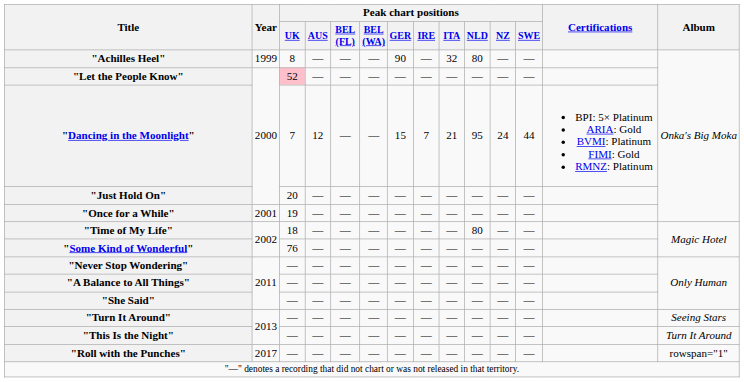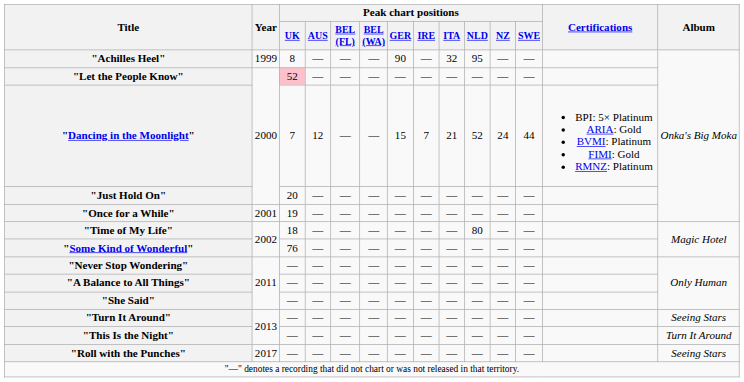 <table class="wikitable plainrowheaders" style="text-align:center;" border="1">
 <tr>
 <th scope="col" rowspan="2" style="width:22em;">Title</th>
 <th scope="col" rowspan="2">Year</th>
 <th scope="col" colspan="10">Peak chart positions</th>
 <th scope="col" rowspan="2" style="width:10em;"><a href='#'>Certifications</a></th>
 <th scope="col" rowspan="2">Album</th>
 </tr>
 <tr>
 <th scope="col" style="width:2.1em;font-size:90%;"><a href='#'>UK</a><br></th>
 <th scope="col" style="width:2.1em;font-size:90%;"><a href='#'>AUS</a><br></th>
 <th scope="col" style="width:2.5em;font-size:90%;"><a href='#'>BEL<br>(FL)</a><br></th>
 <th scope="col" style="width:2.1em;font-size:90%;"><a href='#'>BEL<br>(WA)</a><br></th>
 <th scope="col" style="width:2.1em;font-size:90%;"><a href='#'>GER</a><br></th>
 <th scope="col" style="width:2.1em;font-size:90%;"><a href='#'>IRE</a><br></th>
 <th scope="col" style="width:2.1em;font-size:90%;"><a href='#'>ITA</a><br></th>
 <th scope="col" style="width:2.1em;font-size:90%;"><a href='#'>NLD</a><br></th>
 <th scope="col" style="width:2.1em;font-size:90%;"><a href='#'>NZ</a><br></th>
 <th scope="col" style="width:2.1em;font-size:90%;"><a href='#'>SWE</a><br></th>
 </tr>
 <tr>
 <th scope="row">"Achilles Heel"</th>
 <td rowspan=1>1999</td>
 <td>8</td>
 <td>—</td>
 <td>—</td>
 <td>—</td>
 <td>90</td>
 <td>—</td>
 <td>32</td>
-<td>80</td>
+<td>95</td>
 <td>—</td>
 <td>—</td>
 <td></td>
 <td rowspan="5"><em>Onka's Big Moka</em></td>
 </tr>
 <tr>
 <th scope="row">"Let the People Know"</th>
 <td rowspan=3>2000</td>
 <td style="background: pink;">52</td>
 <td>—</td>
 <td>—</td>
 <td>—</td>
 <td>—</td>
 <td>—</td>
 <td>—</td>
 <td>—</td>
 <td>—</td>
 <td>—</td>
 <td></td>
 </tr>
 <tr>
 <th scope="row">"<a href='#'>Dancing in the Moonlight</a>"</th>
 <td>7</td>
 <td>12</td>
 <td>—</td>
 <td>—</td>
 <td>15</td>
 <td>7</td>
 <td>21</td>
-<td>95</td>
+<td>52</td>
 <td>24</td>
 <td>44</td>
 <td><br><ul><li>BPI: 5× Platinum</li><li><a href='#'>ARIA</a>: Gold</li><li><a href='#'>BVMI</a>: Platinum</li><li><a href='#'>FIMI</a>: Gold</li><li><a href='#'>RMNZ</a>: Platinum</li></ul></td>
 </tr>
 <tr>
 <th scope="row">"Just Hold On"</th>
 <td>20</td>
 <td>—</td>
 <td>—</td>
 <td>—</td>
 <td>—</td>
 <td>—</td>
 <td>—</td>
 <td>—</td>
 <td>—</td>
 <td>—</td>
 <td></td>
 </tr>
 <tr>
 <th scope="row">"Once for a While"</th>
 <td rowspan=1>2001</td>
 <td>19</td>
 <td>—</td>
 <td>—</td>
 <td>—</td>
 <td>—</td>
 <td>—</td>
 <td>—</td>
 <td>—</td>
 <td>—</td>
 <td>—</td>
 <td></td>
 </tr>
 <tr>
 <th scope="row">"Time of My Life"</th>
 <td rowspan=2>2002</td>
 <td>18</td>
 <td>—</td>
 <td>—</td>
 <td>—</td>
 <td>—</td>
 <td>—</td>
 <td>—</td>
 <td>80</td>
 <td>—</td>
 <td>—</td>
 <td></td>
 <td rowspan="2"><em>Magic Hotel</em></td>
 </tr>
 <tr>
 <th scope="row">"<a href='#'>Some Kind of Wonderful</a>"</th>
 <td>76</td>
 <td>—</td>
 <td>—</td>
 <td>—</td>
 <td>—</td>
 <td>—</td>
 <td>—</td>
 <td>—</td>
 <td>—</td>
 <td>—</td>
 <td></td>
 </tr>
 <tr>
 <th scope="row">"Never Stop Wondering"</th>
 <td rowspan=3>2011</td>
 <td>—</td>
 <td>—</td>
 <td>—</td>
 <td>—</td>
 <td>—</td>
 <td>—</td>
 <td>—</td>
 <td>—</td>
 <td>—</td>
 <td>—</td>
 <td></td>
 <td rowspan="3"><em>Only Human</em></td>
 </tr>
 <tr>
 <th scope="row">"A Balance to All Things"</th>
 <td>—</td>
 <td>—</td>
 <td>—</td>
 <td>—</td>
 <td>—</td>
 <td>—</td>
 <td>—</td>
 <td>—</td>
 <td>—</td>
 <td>—</td>
 <td></td>
 </tr>
 <tr>
 <th scope="row">"She Said"</th>
 <td>—</td>
 <td>—</td>
 <td>—</td>
 <td>—</td>
 <td>—</td>
 <td>—</td>
 <td>—</td>
 <td>—</td>
 <td>—</td>
 <td>—</td>
 <td></td>
 </tr>
 <tr>
 <th scope="row">"Turn It Around"</th>
 <td rowspan=2>2013</td>
 <td>—</td>
 <td>—</td>
 <td>—</td>
 <td>—</td>
 <td>—</td>
 <td>—</td>
 <td>—</td>
 <td>—</td>
 <td>—</td>
 <td>—</td>
 <td></td>
 <td rowspan="1"><em>Seeing Stars</em></td>
 </tr>
 <tr>
 <th scope="row">"This Is the Night"</th>
 <td>—</td>
 <td>—</td>
 <td>—</td>
 <td>—</td>
 <td>—</td>
 <td>—</td>
 <td>—</td>
 <td>—</td>
 <td>—</td>
 <td>—</td>
 <td></td>
 <td rowspan="1"><em>Turn It Around</em></td>
 </tr>
 <tr>
 <th scope="row">"Roll with the Punches"</th>
 <td rowspan=1>2017</td>
 <td>—</td>
 <td>—</td>
 <td>—</td>
 <td>—</td>
 <td>—</td>
 <td>—</td>
 <td>—</td>
 <td>—</td>
 <td>—</td>
 <td>—</td>
 <td></td>
-<td>rowspan="1" </td>
+<td rowspan="1"><em>Seeing Stars</em></td>
 </tr>
 <tr>
 <td colspan="14" style="font-size:85%">"—" denotes a recording that did not chart or was not released in that territory.</td>
 </tr>
 </table>
